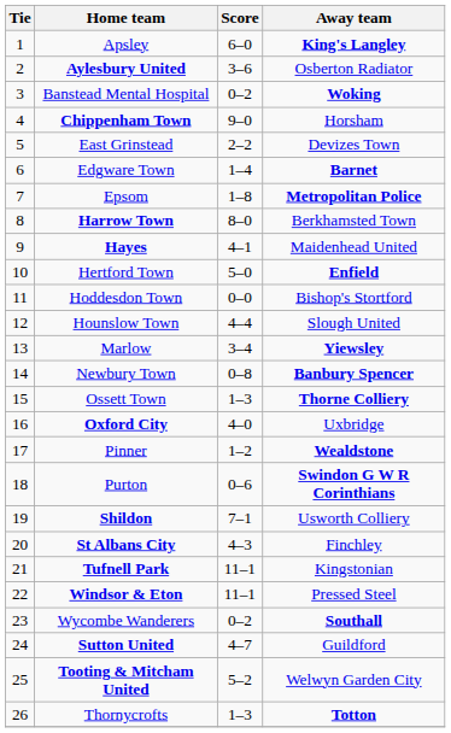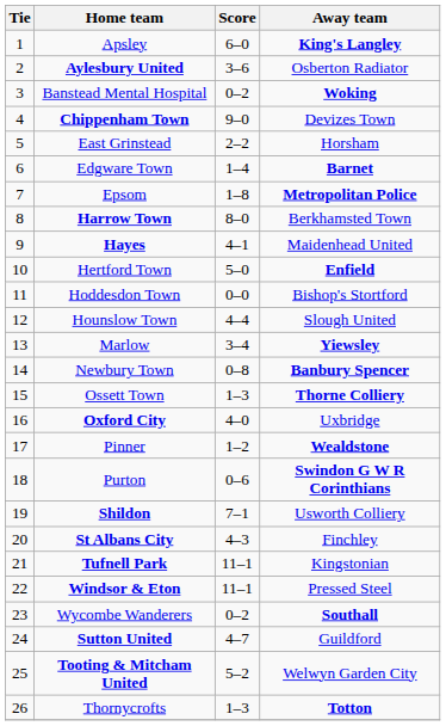 <table class="wikitable" style="text-align:center;">
 <tr>
 <th width=20>Tie</th>
 <th width=175>Home team</th>
 <th width=20>Score</th>
 <th width=175>Away team</th>
 </tr>
 <tr>
 <td>1</td>
 <td><a href='#'>Apsley</a></td>
 <td>6–0</td>
 <td><strong><a href='#'>King's Langley</a></strong></td>
 </tr>
 <tr>
 <td>2</td>
 <td><strong><a href='#'>Aylesbury United</a></strong></td>
 <td>3–6</td>
 <td><a href='#'>Osberton Radiator</a></td>
 </tr>
 <tr>
 <td>3</td>
 <td><a href='#'>Banstead Mental Hospital</a></td>
 <td>0–2</td>
 <td><strong><a href='#'>Woking</a></strong></td>
 </tr>
 <tr>
 <td>4</td>
 <td><strong><a href='#'>Chippenham Town</a></strong></td>
 <td>9–0</td>
-<td><a href='#'>Horsham</a></td>
+<td><a href='#'>Devizes Town</a></td>
 </tr>
 <tr>
 <td>5</td>
 <td><a href='#'>East Grinstead</a></td>
 <td>2–2</td>
-<td><a href='#'>Devizes Town</a></td>
+<td><a href='#'>Horsham</a></td>
 </tr>
 <tr>
 <td>6</td>
 <td><a href='#'>Edgware Town</a></td>
 <td>1–4</td>
 <td><strong><a href='#'>Barnet</a></strong></td>
 </tr>
 <tr>
 <td>7</td>
 <td><a href='#'>Epsom</a></td>
 <td>1–8</td>
 <td><strong><a href='#'>Metropolitan Police</a></strong></td>
 </tr>
 <tr>
 <td>8</td>
 <td><strong><a href='#'>Harrow Town</a></strong></td>
 <td>8–0</td>
 <td><a href='#'>Berkhamsted Town</a></td>
 </tr>
 <tr>
 <td>9</td>
 <td><strong><a href='#'>Hayes</a></strong></td>
 <td>4–1</td>
 <td><a href='#'>Maidenhead United</a></td>
 </tr>
 <tr>
 <td>10</td>
 <td><a href='#'>Hertford Town</a></td>
 <td>5–0</td>
 <td><strong><a href='#'>Enfield</a></strong></td>
 </tr>
 <tr>
 <td>11</td>
 <td><a href='#'>Hoddesdon Town</a></td>
 <td>0–0</td>
 <td><a href='#'>Bishop's Stortford</a></td>
 </tr>
 <tr>
 <td>12</td>
 <td><a href='#'>Hounslow Town</a></td>
 <td>4–4</td>
 <td><a href='#'>Slough United</a></td>
 </tr>
 <tr>
 <td>13</td>
 <td><a href='#'>Marlow</a></td>
 <td>3–4</td>
 <td><strong><a href='#'>Yiewsley</a></strong></td>
 </tr>
 <tr>
 <td>14</td>
 <td><a href='#'>Newbury Town</a></td>
 <td>0–8</td>
 <td><strong><a href='#'>Banbury Spencer</a></strong></td>
 </tr>
 <tr>
 <td>15</td>
 <td><a href='#'>Ossett Town</a></td>
 <td>1–3</td>
 <td><strong><a href='#'>Thorne Colliery</a></strong></td>
 </tr>
 <tr>
 <td>16</td>
 <td><strong><a href='#'>Oxford City</a></strong></td>
 <td>4–0</td>
 <td><a href='#'>Uxbridge</a></td>
 </tr>
 <tr>
 <td>17</td>
 <td><a href='#'>Pinner</a></td>
 <td>1–2</td>
 <td><strong><a href='#'>Wealdstone</a></strong></td>
 </tr>
 <tr>
 <td>18</td>
 <td><a href='#'>Purton</a></td>
 <td>0–6</td>
 <td><strong><a href='#'>Swindon G W R Corinthians</a></strong></td>
 </tr>
 <tr>
 <td>19</td>
 <td><strong><a href='#'>Shildon</a></strong></td>
 <td>7–1</td>
 <td><a href='#'>Usworth Colliery</a></td>
 </tr>
 <tr>
 <td>20</td>
 <td><strong><a href='#'>St Albans City</a></strong></td>
 <td>4–3</td>
 <td><a href='#'>Finchley</a></td>
 </tr>
 <tr>
 <td>21</td>
 <td><strong><a href='#'>Tufnell Park</a></strong></td>
 <td>11–1</td>
 <td><a href='#'>Kingstonian</a></td>
 </tr>
 <tr>
 <td>22</td>
 <td><strong><a href='#'>Windsor & Eton</a></strong></td>
 <td>11–1</td>
 <td><a href='#'>Pressed Steel</a></td>
 </tr>
 <tr>
 <td>23</td>
 <td><a href='#'>Wycombe Wanderers</a></td>
 <td>0–2</td>
 <td><strong><a href='#'>Southall</a></strong></td>
 </tr>
 <tr>
 <td>24</td>
 <td><strong><a href='#'>Sutton United</a></strong></td>
 <td>4–7</td>
 <td><a href='#'>Guildford</a></td>
 </tr>
 <tr>
 <td>25</td>
 <td><strong><a href='#'>Tooting & Mitcham United</a></strong></td>
 <td>5–2</td>
 <td><a href='#'>Welwyn Garden City</a></td>
 </tr>
 <tr>
 <td>26</td>
 <td><a href='#'>Thornycrofts</a></td>
 <td>1–3</td>
 <td><strong><a href='#'>Totton</a></strong></td>
 </tr>
 <tr>
 </tr>
 </table>
